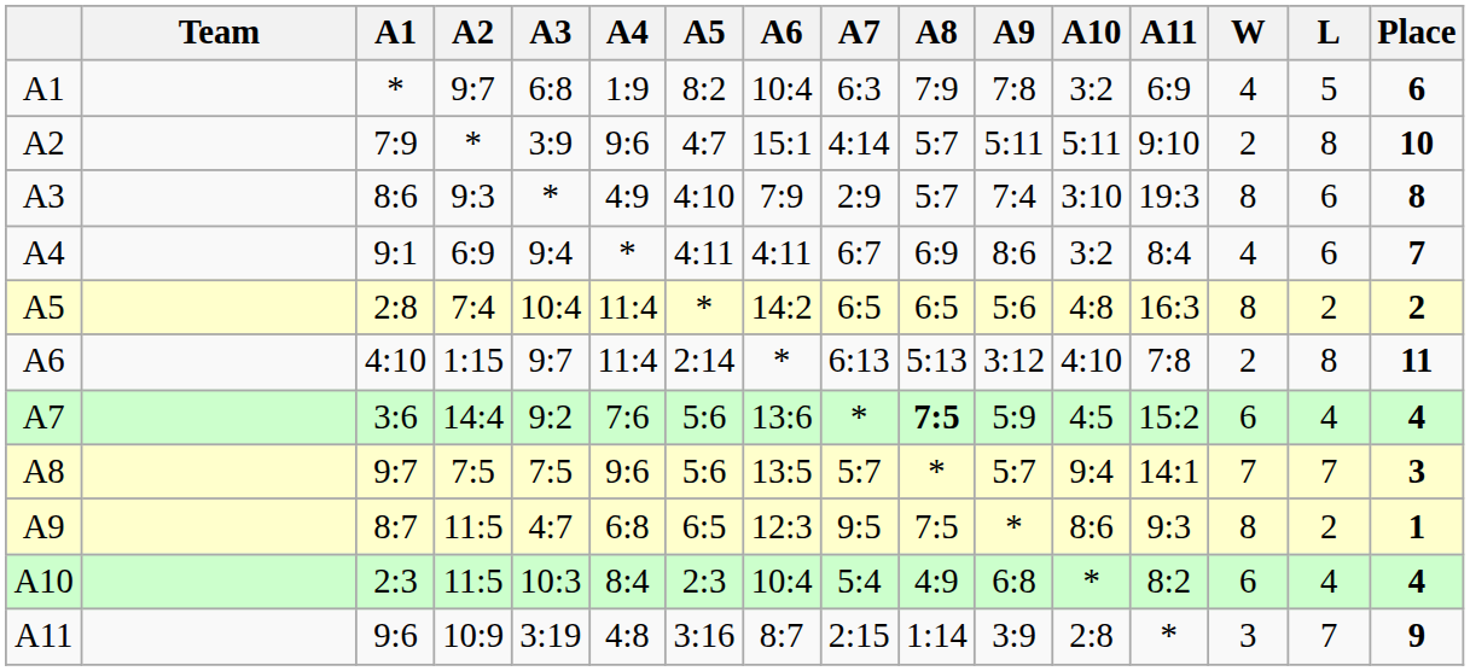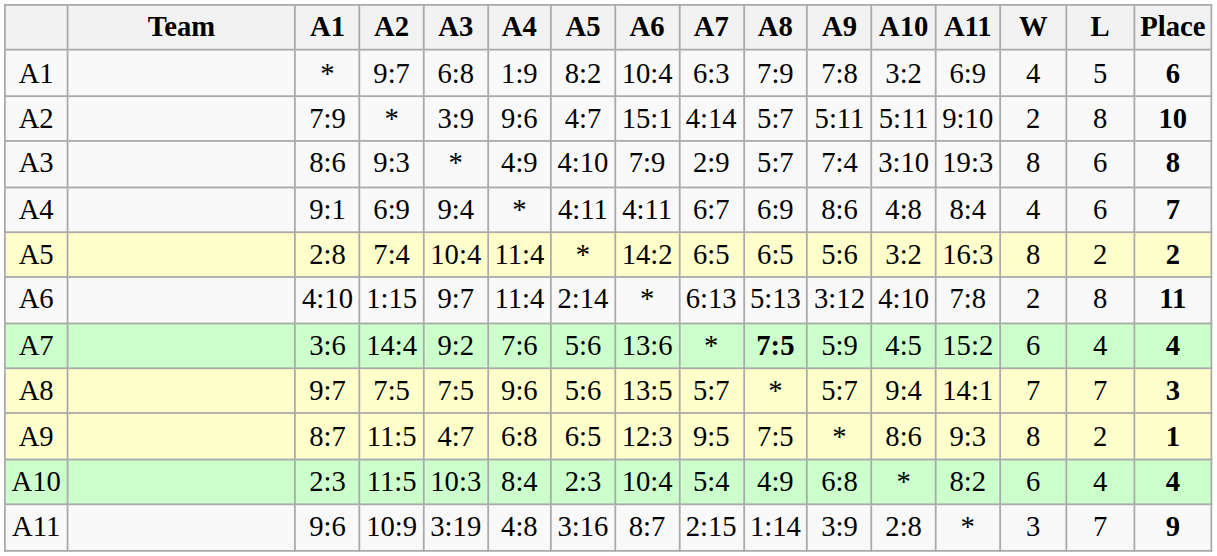 <table class="wikitable" style="text-align:center;">
 <tr>
 <th></th>
 <th width="120">Team</th>
 <th width="25">A1</th>
 <th width="25">A2</th>
 <th width="25">A3</th>
 <th width="25">A4</th>
 <th width="25">A5</th>
 <th width="25">A6</th>
 <th width="25">A7</th>
 <th width="25">A8</th>
 <th width="25">A9</th>
 <th width="25">A10</th>
 <th width="25">A11</th>
 <th width="30">W</th>
 <th width="30">L</th>
 <th>Place</th>
 </tr>
 <tr>
 <td>A1</td>
 <td align="left"></td>
 <td>*</td>
 <td>9:7</td>
 <td>6:8</td>
 <td>1:9</td>
 <td>8:2</td>
 <td>10:4</td>
 <td>6:3</td>
 <td>7:9</td>
 <td>7:8</td>
 <td>3:2</td>
 <td>6:9</td>
 <td>4</td>
 <td>5</td>
 <td><strong>6</strong></td>
 </tr>
 <tr>
 <td>A2</td>
 <td align="left"></td>
 <td>7:9</td>
 <td>*</td>
 <td>3:9</td>
 <td>9:6</td>
 <td>4:7</td>
 <td>15:1</td>
 <td>4:14</td>
 <td>5:7</td>
 <td>5:11</td>
 <td>5:11</td>
 <td>9:10</td>
 <td>2</td>
 <td>8</td>
 <td><strong>10</strong></td>
 </tr>
 <tr>
 <td>A3</td>
 <td align="left"></td>
 <td>8:6</td>
 <td>9:3</td>
 <td>*</td>
 <td>4:9</td>
 <td>4:10</td>
 <td>7:9</td>
 <td>2:9</td>
 <td>5:7</td>
 <td>7:4</td>
 <td>3:10</td>
 <td>19:3</td>
 <td>8</td>
 <td>6</td>
 <td><strong>8</strong></td>
 </tr>
 <tr>
 <td>A4</td>
 <td align="left"></td>
 <td>9:1</td>
 <td>6:9</td>
 <td>9:4</td>
 <td>*</td>
 <td>4:11</td>
 <td>4:11</td>
 <td>6:7</td>
 <td>6:9</td>
 <td>8:6</td>
-<td>3:2</td>
+<td>4:8</td>
 <td>8:4</td>
 <td>4</td>
 <td>6</td>
 <td><strong>7</strong></td>
 </tr>
 <tr bgcolor="#ffffcc">
 <td>A5</td>
 <td align="left"></td>
 <td>2:8</td>
 <td>7:4</td>
 <td>10:4</td>
 <td>11:4</td>
 <td>*</td>
 <td>14:2</td>
 <td>6:5</td>
 <td>6:5</td>
 <td>5:6</td>
-<td>4:8</td>
+<td>3:2</td>
 <td>16:3</td>
 <td>8</td>
 <td>2</td>
 <td><strong>2</strong></td>
 </tr>
 <tr>
 <td>A6</td>
 <td align="left"></td>
 <td>4:10</td>
 <td>1:15</td>
 <td>9:7</td>
 <td>11:4</td>
 <td>2:14</td>
 <td>*</td>
 <td>6:13</td>
 <td>5:13</td>
 <td>3:12</td>
 <td>4:10</td>
 <td>7:8</td>
 <td>2</td>
 <td>8</td>
 <td><strong>11</strong></td>
 </tr>
 <tr bgcolor="#ccffcc">
 <td>A7</td>
 <td align="left"></td>
 <td>3:6</td>
 <td>14:4</td>
 <td>9:2</td>
 <td>7:6</td>
 <td>5:6</td>
 <td>13:6</td>
 <td>*</td>
 <td><strong>7:5</strong></td>
 <td>5:9</td>
 <td>4:5</td>
 <td>15:2</td>
 <td>6</td>
 <td>4</td>
 <td><strong>4</strong></td>
 </tr>
 <tr bgcolor="#ffffcc">
 <td>A8</td>
 <td align="left"></td>
 <td>9:7</td>
 <td>7:5</td>
 <td>7:5</td>
 <td>9:6</td>
 <td>5:6</td>
 <td>13:5</td>
 <td>5:7</td>
 <td>*</td>
 <td>5:7</td>
 <td>9:4</td>
 <td>14:1</td>
 <td>7</td>
 <td>7</td>
 <td><strong>3</strong></td>
 </tr>
 <tr bgcolor="#ffffcc">
 <td>A9</td>
 <td align="left"></td>
 <td>8:7</td>
 <td>11:5</td>
 <td>4:7</td>
 <td>6:8</td>
 <td>6:5</td>
 <td>12:3</td>
 <td>9:5</td>
 <td>7:5</td>
 <td>*</td>
 <td>8:6</td>
 <td>9:3</td>
 <td>8</td>
 <td>2</td>
 <td><strong>1</strong></td>
 </tr>
 <tr bgcolor="#ccffcc">
 <td>A10</td>
 <td align="left"></td>
 <td>2:3</td>
 <td>11:5</td>
 <td>10:3</td>
 <td>8:4</td>
 <td>2:3</td>
 <td>10:4</td>
 <td>5:4</td>
 <td>4:9</td>
 <td>6:8</td>
 <td>*</td>
 <td>8:2</td>
 <td>6</td>
 <td>4</td>
 <td><strong>4</strong></td>
 </tr>
 <tr>
 <td>A11</td>
 <td align="left"></td>
 <td>9:6</td>
 <td>10:9</td>
 <td>3:19</td>
 <td>4:8</td>
 <td>3:16</td>
 <td>8:7</td>
 <td>2:15</td>
 <td>1:14</td>
 <td>3:9</td>
 <td>2:8</td>
 <td>*</td>
 <td>3</td>
 <td>7</td>
 <td><strong>9</strong></td>
 </tr>
 </table>
